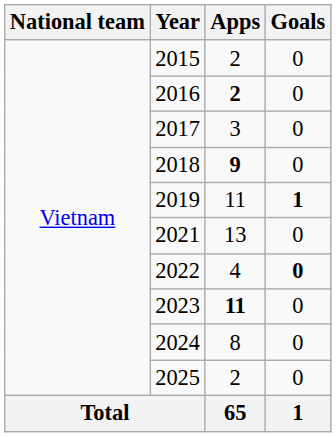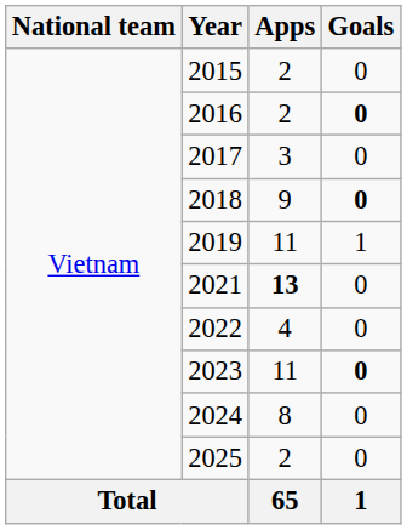 <table class=wikitable style=text-align:center>
 <tr>
 <th>National team</th>
 <th>Year</th>
 <th>Apps</th>
 <th>Goals</th>
 </tr>
 <tr>
 <td rowspan=10><a href='#'>Vietnam</a></td>
 <td>2015</td>
 <td>2</td>
 <td>0</td>
 </tr>
 <tr>
 <td>2016</td>
-<td><strong>2</strong></td>
-<td>0</td>
+<td>2</td>
+<td><strong>0</strong></td>
 </tr>
 <tr>
 <td>2017</td>
 <td>3</td>
 <td>0</td>
 </tr>
 <tr>
 <td>2018</td>
-<td><strong>9</strong></td>
-<td>0</td>
+<td>9</td>
+<td><strong>0</strong></td>
 </tr>
 <tr>
 <td>2019</td>
 <td>11</td>
-<td><strong>1</strong></td>
+<td>1</td>
 </tr>
 <tr>
 <td>2021</td>
-<td>13</td>
+<td><strong>13</strong></td>
 <td>0</td>
 </tr>
 <tr>
 <td>2022</td>
 <td>4</td>
-<td><strong>0</strong></td>
+<td>0</td>
 </tr>
 <tr>
 <td>2023</td>
-<td><strong>11</strong></td>
-<td>0</td>
+<td>11</td>
+<td><strong>0</strong></td>
 </tr>
 <tr>
 <td>2024</td>
 <td>8</td>
 <td>0</td>
 </tr>
 <tr>
 <td>2025</td>
 <td>2</td>
 <td>0</td>
 </tr>
 <tr>
 <th colspan=2>Total</th>
 <th>65</th>
 <th>1</th>
 </tr>
 </table>
